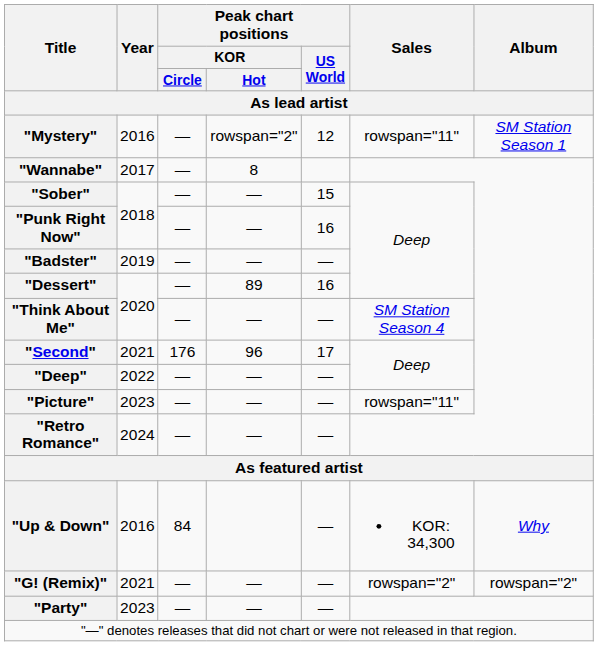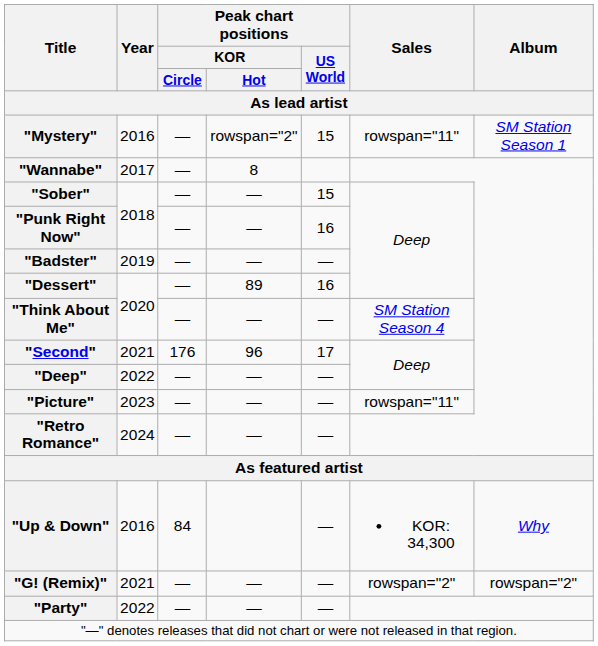 <table class="wikitable plainrowheaders" style="text-align:center">
 <tr>
 <th scope="col" rowspan="3">Title</th>
 <th scope="col" rowspan="3">Year</th>
 <th scope="col" colspan="3">Peak chart<br>positions</th>
 <th scope="col" rowspan="3">Sales</th>
 <th scope="col" rowspan="3">Album</th>
 </tr>
 <tr>
 <th scope="col" colspan="2" style="font-size:90%; width:3em">KOR</th>
 <th scope="col" rowspan="2" style="font-size:90%; width:3em"><a href='#'>US<br>World</a><br></th>
 </tr>
 <tr>
 <th scope="col" style="font-size:90%; width:3em"><a href='#'>Circle</a><br></th>
 <th scope="col" style="font-size:90%; width:3em"><a href='#'>Hot</a><br></th>
 </tr>
 <tr>
 <th colspan="7">As lead artist</th>
 </tr>
 <tr>
 <th scope="row">"Mystery"</th>
 <td>2016</td>
 <td>—</td>
 <td>rowspan="2" </td>
-<td>12</td>
+<td>15</td>
 <td>rowspan="11" </td>
 <td><em><a href='#'>SM Station Season 1</a></em></td>
 </tr>
 <tr>
 <th scope="row">"Wannabe"<br></th>
 <td>2017</td>
 <td>—</td>
 <td>8</td>
 <td></td>
 </tr>
 <tr>
 <th scope="row">"Sober"<br></th>
 <td rowspan="2">2018</td>
 <td>—</td>
 <td>—</td>
 <td>15</td>
 <td rowspan="4"><em>Deep</em></td>
 </tr>
 <tr>
 <th scope="row">"Punk Right Now"<br></th>
 <td>—</td>
 <td>—</td>
 <td>16</td>
 </tr>
 <tr>
 <th scope="row">"Badster"</th>
 <td>2019</td>
 <td>—</td>
 <td>—</td>
 <td>—</td>
 </tr>
 <tr>
 <th scope="row">"Dessert"<br></th>
 <td rowspan="2">2020</td>
 <td>—</td>
 <td>89</td>
 <td>16</td>
 </tr>
 <tr>
 <th scope="row">"Think About Me"<br></th>
 <td>—</td>
 <td>—</td>
 <td>—</td>
 <td><em><a href='#'>SM Station Season 4</a></em></td>
 </tr>
 <tr>
 <th scope="row">"<a href='#'>Second</a>"<br></th>
 <td>2021</td>
 <td>176</td>
 <td>96</td>
 <td>17</td>
 <td rowspan="2"><em>Deep</em></td>
 </tr>
 <tr>
 <th scope="row">"Deep"</th>
 <td>2022</td>
 <td>—</td>
 <td>—</td>
 <td>—</td>
 </tr>
 <tr>
 <th scope="row">"Picture"</th>
 <td>2023</td>
 <td>—</td>
 <td>—</td>
 <td>—</td>
 <td>rowspan="11" </td>
 </tr>
 <tr>
 <th scope="row">"Retro Romance"</th>
 <td>2024</td>
 <td>—</td>
 <td>—</td>
 <td>—</td>
 </tr>
 <tr>
 <th colspan="7">As featured artist</th>
 </tr>
 <tr>
 <th scope="row">"Up & Down"<br></th>
 <td>2016</td>
 <td>84</td>
 <td></td>
 <td>—</td>
 <td><br><ul><li>KOR: 34,300</li></ul></td>
 <td><em><a href='#'>Why</a></em></td>
 </tr>
 <tr>
 <th scope="row">"G! (Remix)"<br></th>
 <td>2021</td>
 <td>—</td>
 <td>—</td>
 <td>—</td>
 <td>rowspan="2" </td>
 <td>rowspan="2" </td>
 </tr>
 <tr>
 <th scope="row">"Party"<br></th>
-<td>2023</td>
+<td>2022</td>
 <td>—</td>
 <td>—</td>
 <td>—</td>
 </tr>
 <tr>
 <td colspan="7" style="font-size:85%">"—" denotes releases that did not chart or were not released in that region.</td>
 </tr>
 </table>
